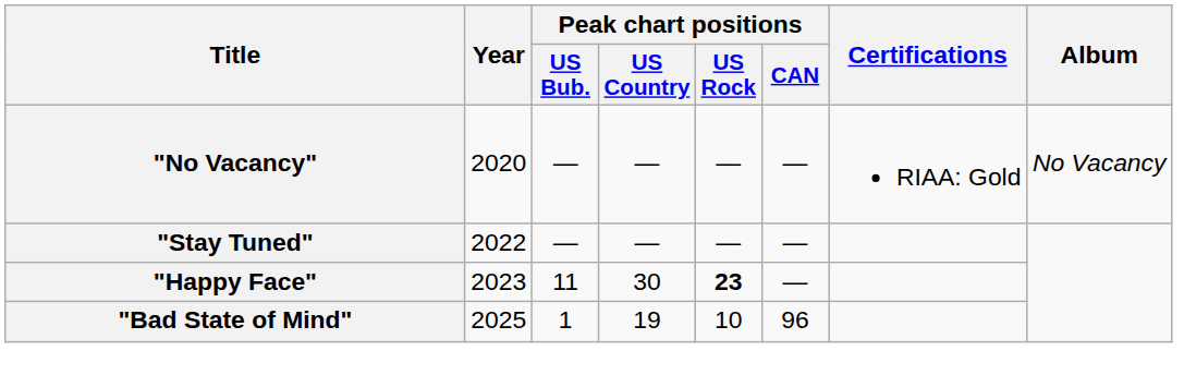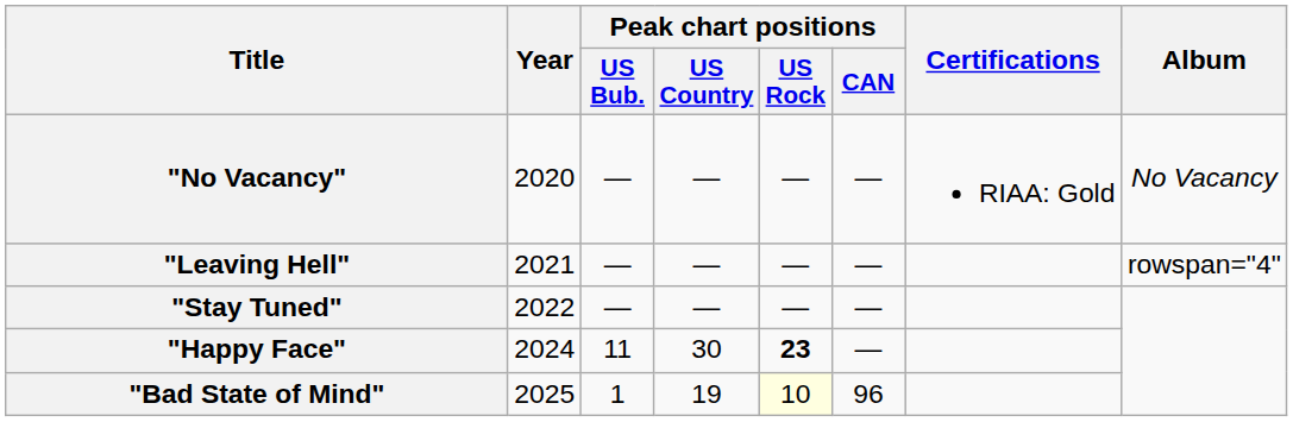 <table class="wikitable plainrowheaders" style="text-align:center;">
 <tr>
 <th scope="col" rowspan="2" style="width:18em;">Title</th>
 <th scope="col" rowspan="2">Year</th>
 <th scope="col" colspan="4">Peak chart positions</th>
 <th scope="col" rowspan="2"><a href='#'>Certifications</a></th>
 <th scope="col" rowspan="2">Album</th>
 </tr>
 <tr>
 <th scope="col" style="width:2.5em;font-size:90%;"><a href='#'>US<br>Bub.</a><br></th>
 <th scope="col" style="width:2.5em;font-size:90%;"><a href='#'>US<br>Country</a><br></th>
 <th scope="col" style="width:2.5em;font-size:90%;"><a href='#'>US<br>Rock</a><br></th>
 <th scope="col" style="width:2.5em;font-size:90%;"><a href='#'>CAN</a><br></th>
 </tr>
 <tr>
 <th scope="row">"No Vacancy"</th>
 <td>2020</td>
 <td>—</td>
 <td>—</td>
 <td>—</td>
 <td>—</td>
 <td><br><ul><li>RIAA: Gold</li></ul></td>
 <td><em>No Vacancy</em></td>
 </tr>
 <tr>
+<th scope="row">"Leaving Hell"</th>
+<td>2021</td>
+<td>—</td>
+<td>—</td>
+<td>—</td>
+<td>—</td>
+<td></td>
+<td>rowspan="4" </td>
+</tr>
+<tr>
 <th scope="row">"Stay Tuned"</th>
 <td>2022</td>
 <td>—</td>
 <td>—</td>
 <td>—</td>
 <td>—</td>
 <td></td>
 </tr>
 <tr>
 <th scope="row">"Happy Face"</th>
-<td>2023</td>
+<td>2024</td>
 <td>11</td>
 <td>30</td>
 <td><strong>23</strong></td>
 <td>—</td>
 <td></td>
 </tr>
 <tr>
 <th scope="row">"Bad State of Mind"</th>
 <td>2025</td>
 <td>1</td>
 <td>19</td>
-<td>10</td>
+<td style="background: lightyellow;">10</td>
 <td>96</td>
 <td></td>
 </tr>
 </table>
